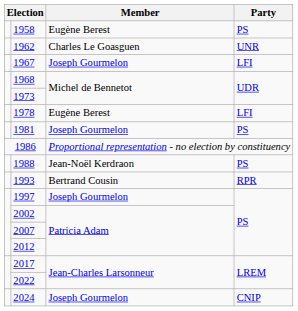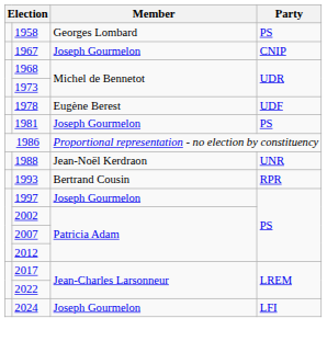 <table class="wikitable">
 <tr>
 <th colspan="2">Election</th>
 <th>Member</th>
 <th>Party</th>
 </tr>
 <tr>
 <td style="color:inherit;background-color: "></td>
 <td><a href='#'>1958</a></td>
-<td>Eugène Berest</td>
+<td>Georges Lombard</td>
 <td><a href='#'>PS</a></td>
-</tr>
-<tr>
-<td style="color:inherit;background-color: "></td>
-<td><a href='#'>1962</a></td>
-<td>Charles Le Goasguen</td>
-<td><a href='#'>UNR</a></td>
 </tr>
 <tr>
 <td style="color:inherit;background-color: "></td>
 <td><a href='#'>1967</a></td>
 <td><a href='#'>Joseph Gourmelon</a></td>
-<td><a href='#'>LFI</a></td>
+<td><a href='#'>CNIP</a></td>
 </tr>
 <tr>
 <td rowspan="2" style="color:inherit;background-color: "></td>
 <td><a href='#'>1968</a></td>
 <td rowspan="2">Michel de Bennetot</td>
 <td rowspan="2"><a href='#'>UDR</a></td>
 </tr>
 <tr>
 <td><a href='#'>1973</a></td>
 </tr>
 <tr>
 <td style="color:inherit;background-color: "></td>
 <td><a href='#'>1978</a></td>
 <td>Eugène Berest</td>
-<td><a href='#'>LFI</a></td>
+<td><a href='#'>UDF</a></td>
 </tr>
 <tr>
 <td style="color:inherit;background-color: "></td>
 <td><a href='#'>1981</a></td>
 <td><a href='#'>Joseph Gourmelon</a></td>
 <td><a href='#'>PS</a></td>
 </tr>
 <tr>
 <td colspan="2" align="center"><a href='#'>1986</a></td>
 <td colspan="2"><em><a href='#'>Proportional representation</a> - no election by constituency</em></td>
 </tr>
 <tr>
 <td style="color:inherit;background-color: "></td>
 <td><a href='#'>1988</a></td>
 <td>Jean-Noël Kerdraon</td>
-<td><a href='#'>PS</a></td>
+<td><a href='#'>UNR</a></td>
 </tr>
 <tr>
 <td style="color:inherit;background-color: "></td>
 <td><a href='#'>1993</a></td>
 <td>Bertrand Cousin</td>
 <td><a href='#'>RPR</a></td>
 </tr>
 <tr>
 <td rowspan="4" style="color:inherit;background-color: "></td>
 <td><a href='#'>1997</a></td>
 <td><a href='#'>Joseph Gourmelon</a></td>
 <td rowspan="4"><a href='#'>PS</a></td>
 </tr>
 <tr>
 <td><a href='#'>2002</a></td>
 <td rowspan=3><a href='#'>Patricia Adam</a></td>
 </tr>
 <tr>
 <td><a href='#'>2007</a></td>
 </tr>
 <tr>
 <td><a href='#'>2012</a></td>
 </tr>
 <tr>
 <td rowspan="2" style="color:inherit;background-color: "></td>
 <td><a href='#'>2017</a></td>
 <td rowspan="2"><a href='#'>Jean-Charles Larsonneur</a></td>
 <td rowspan="2"><a href='#'>LREM</a></td>
 </tr>
 <tr>
 <td><a href='#'>2022</a></td>
 </tr>
 <tr>
 <td style="color:inherit;background-color: "></td>
 <td><a href='#'>2024</a></td>
 <td><a href='#'>Joseph Gourmelon</a></td>
-<td><a href='#'>CNIP</a></td>
+<td><a href='#'>LFI</a></td>
 </tr>
 </table>
